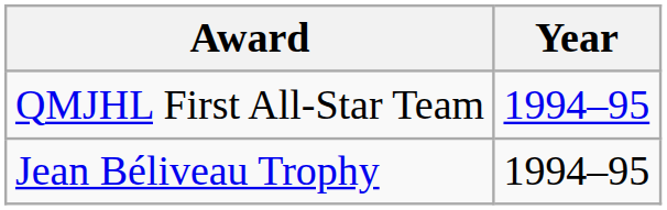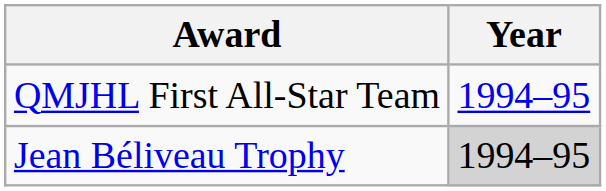 <table class="wikitable">
 <tr>
 <th>Award</th>
 <th>Year</th>
 </tr>
 <tr>
 <td><a href='#'>QMJHL</a> First All-Star Team</td>
 <td><a href='#'>1994–95</a></td>
 </tr>
 <tr>
 <td><a href='#'>Jean Béliveau Trophy</a></td>
-<td>1994–95</td>
+<td style="background: lightgrey;">1994–95</td>
 </tr>
 </table>
